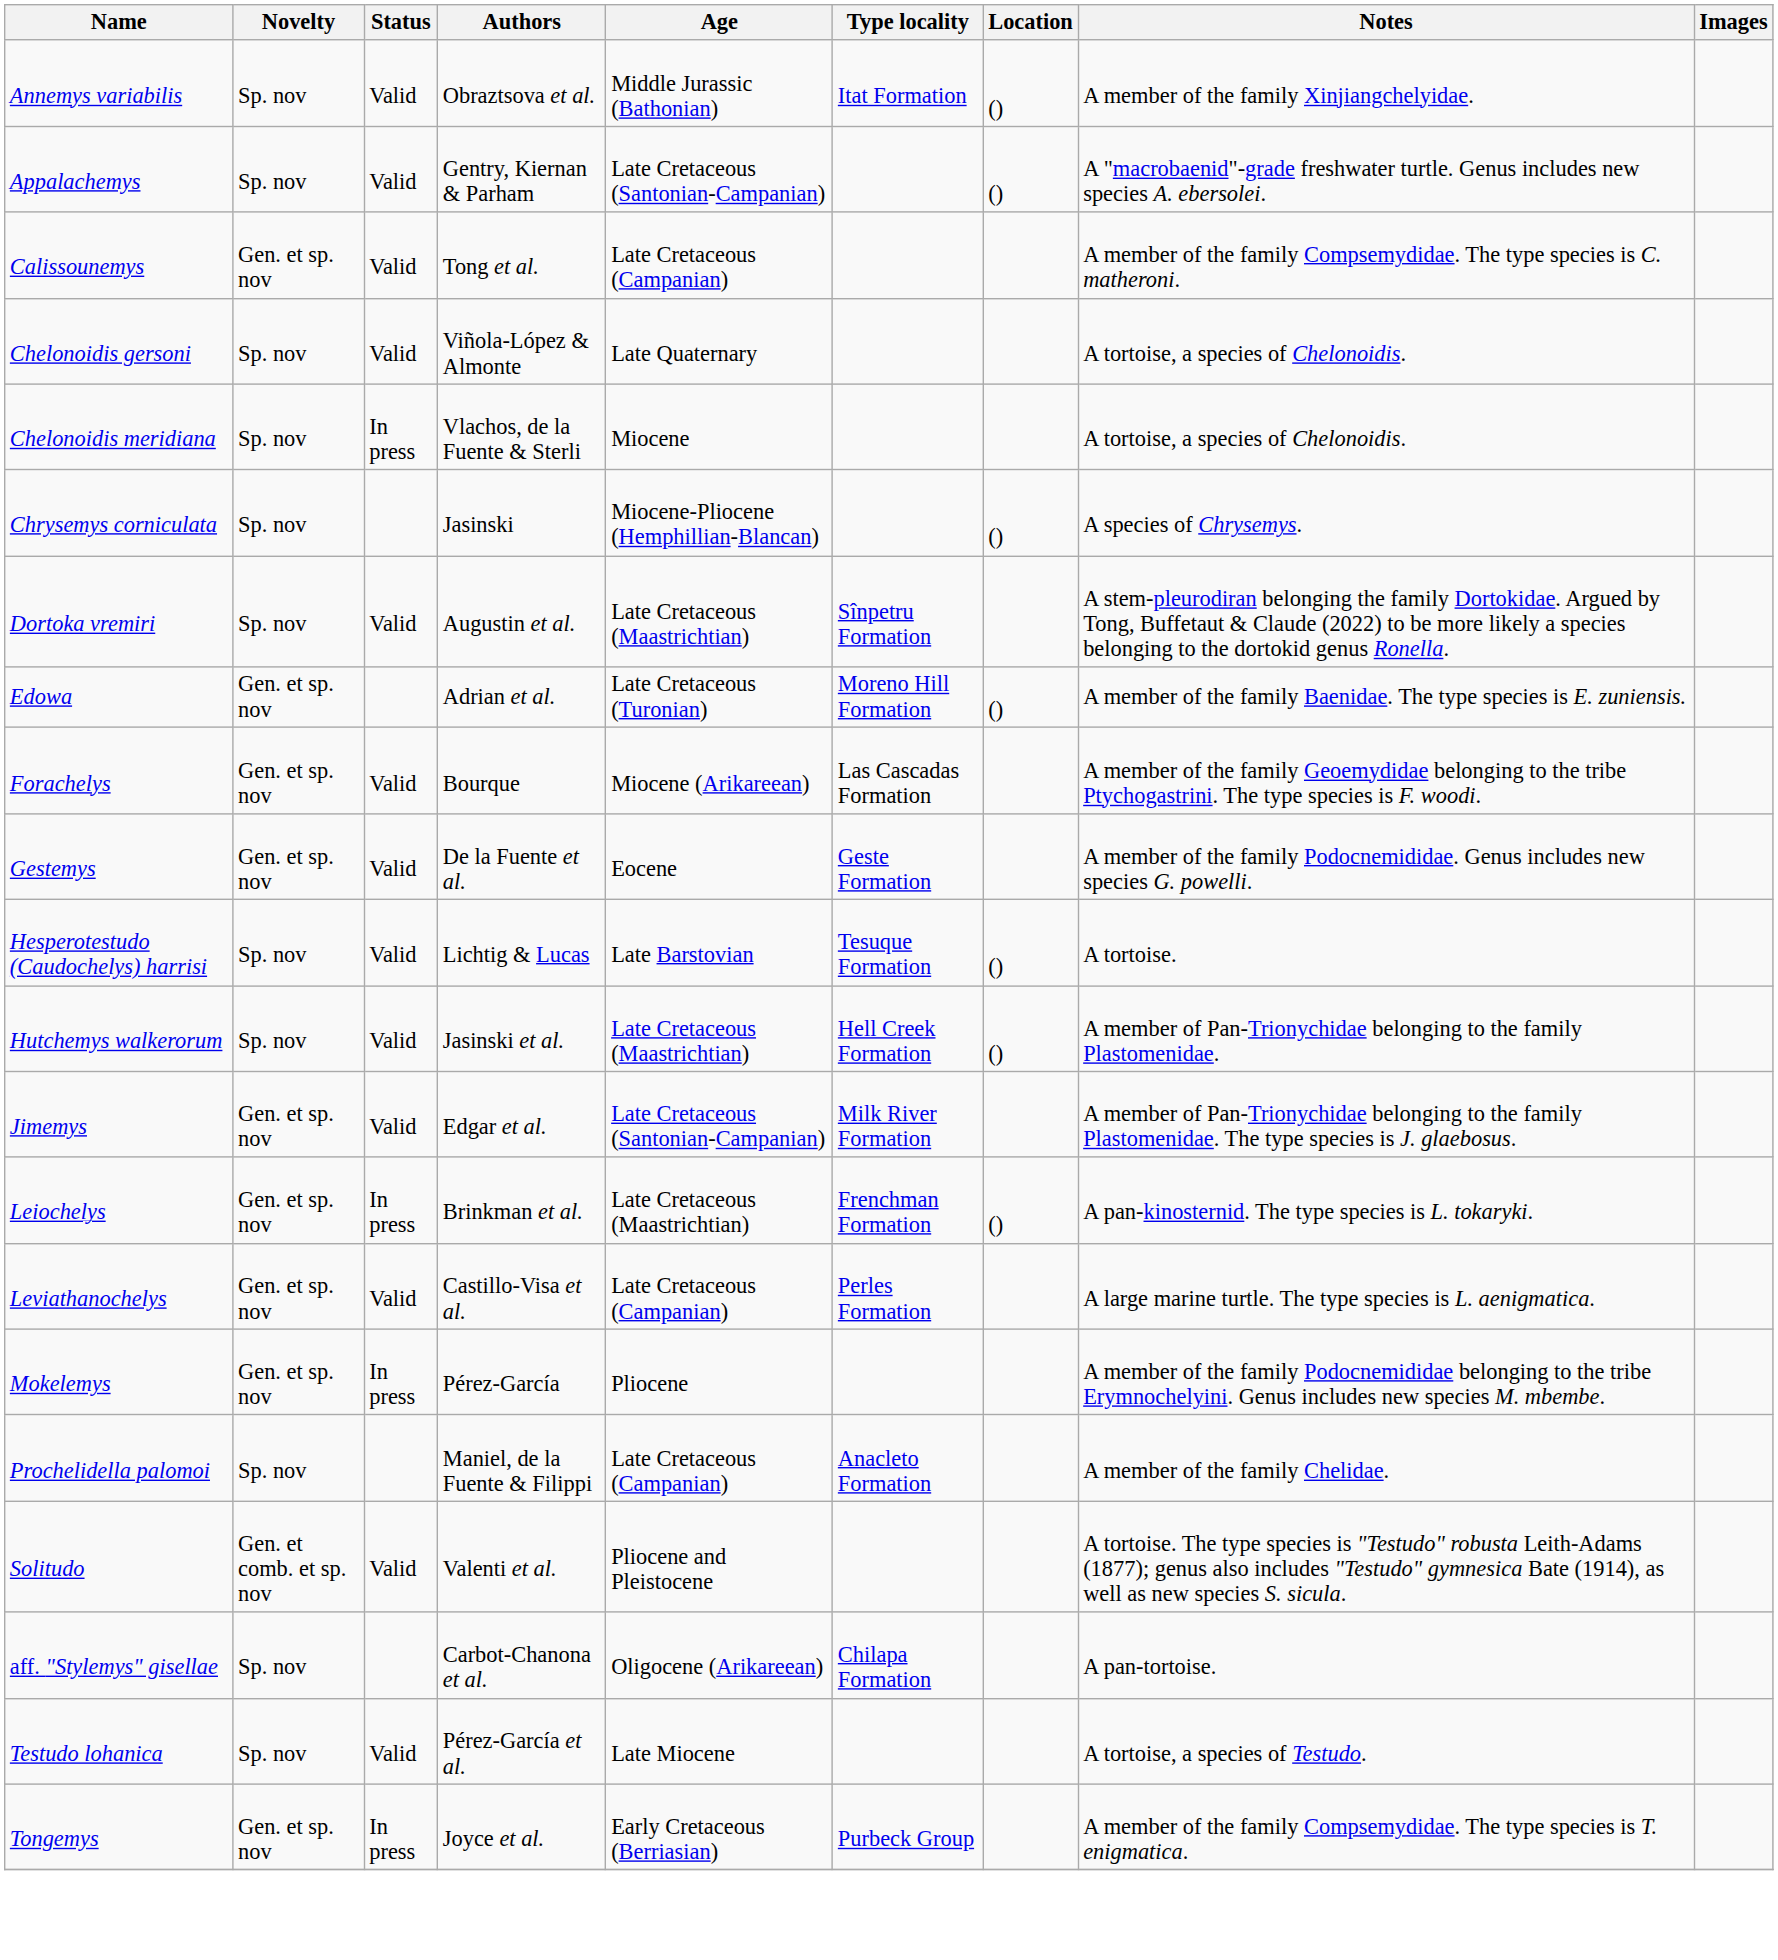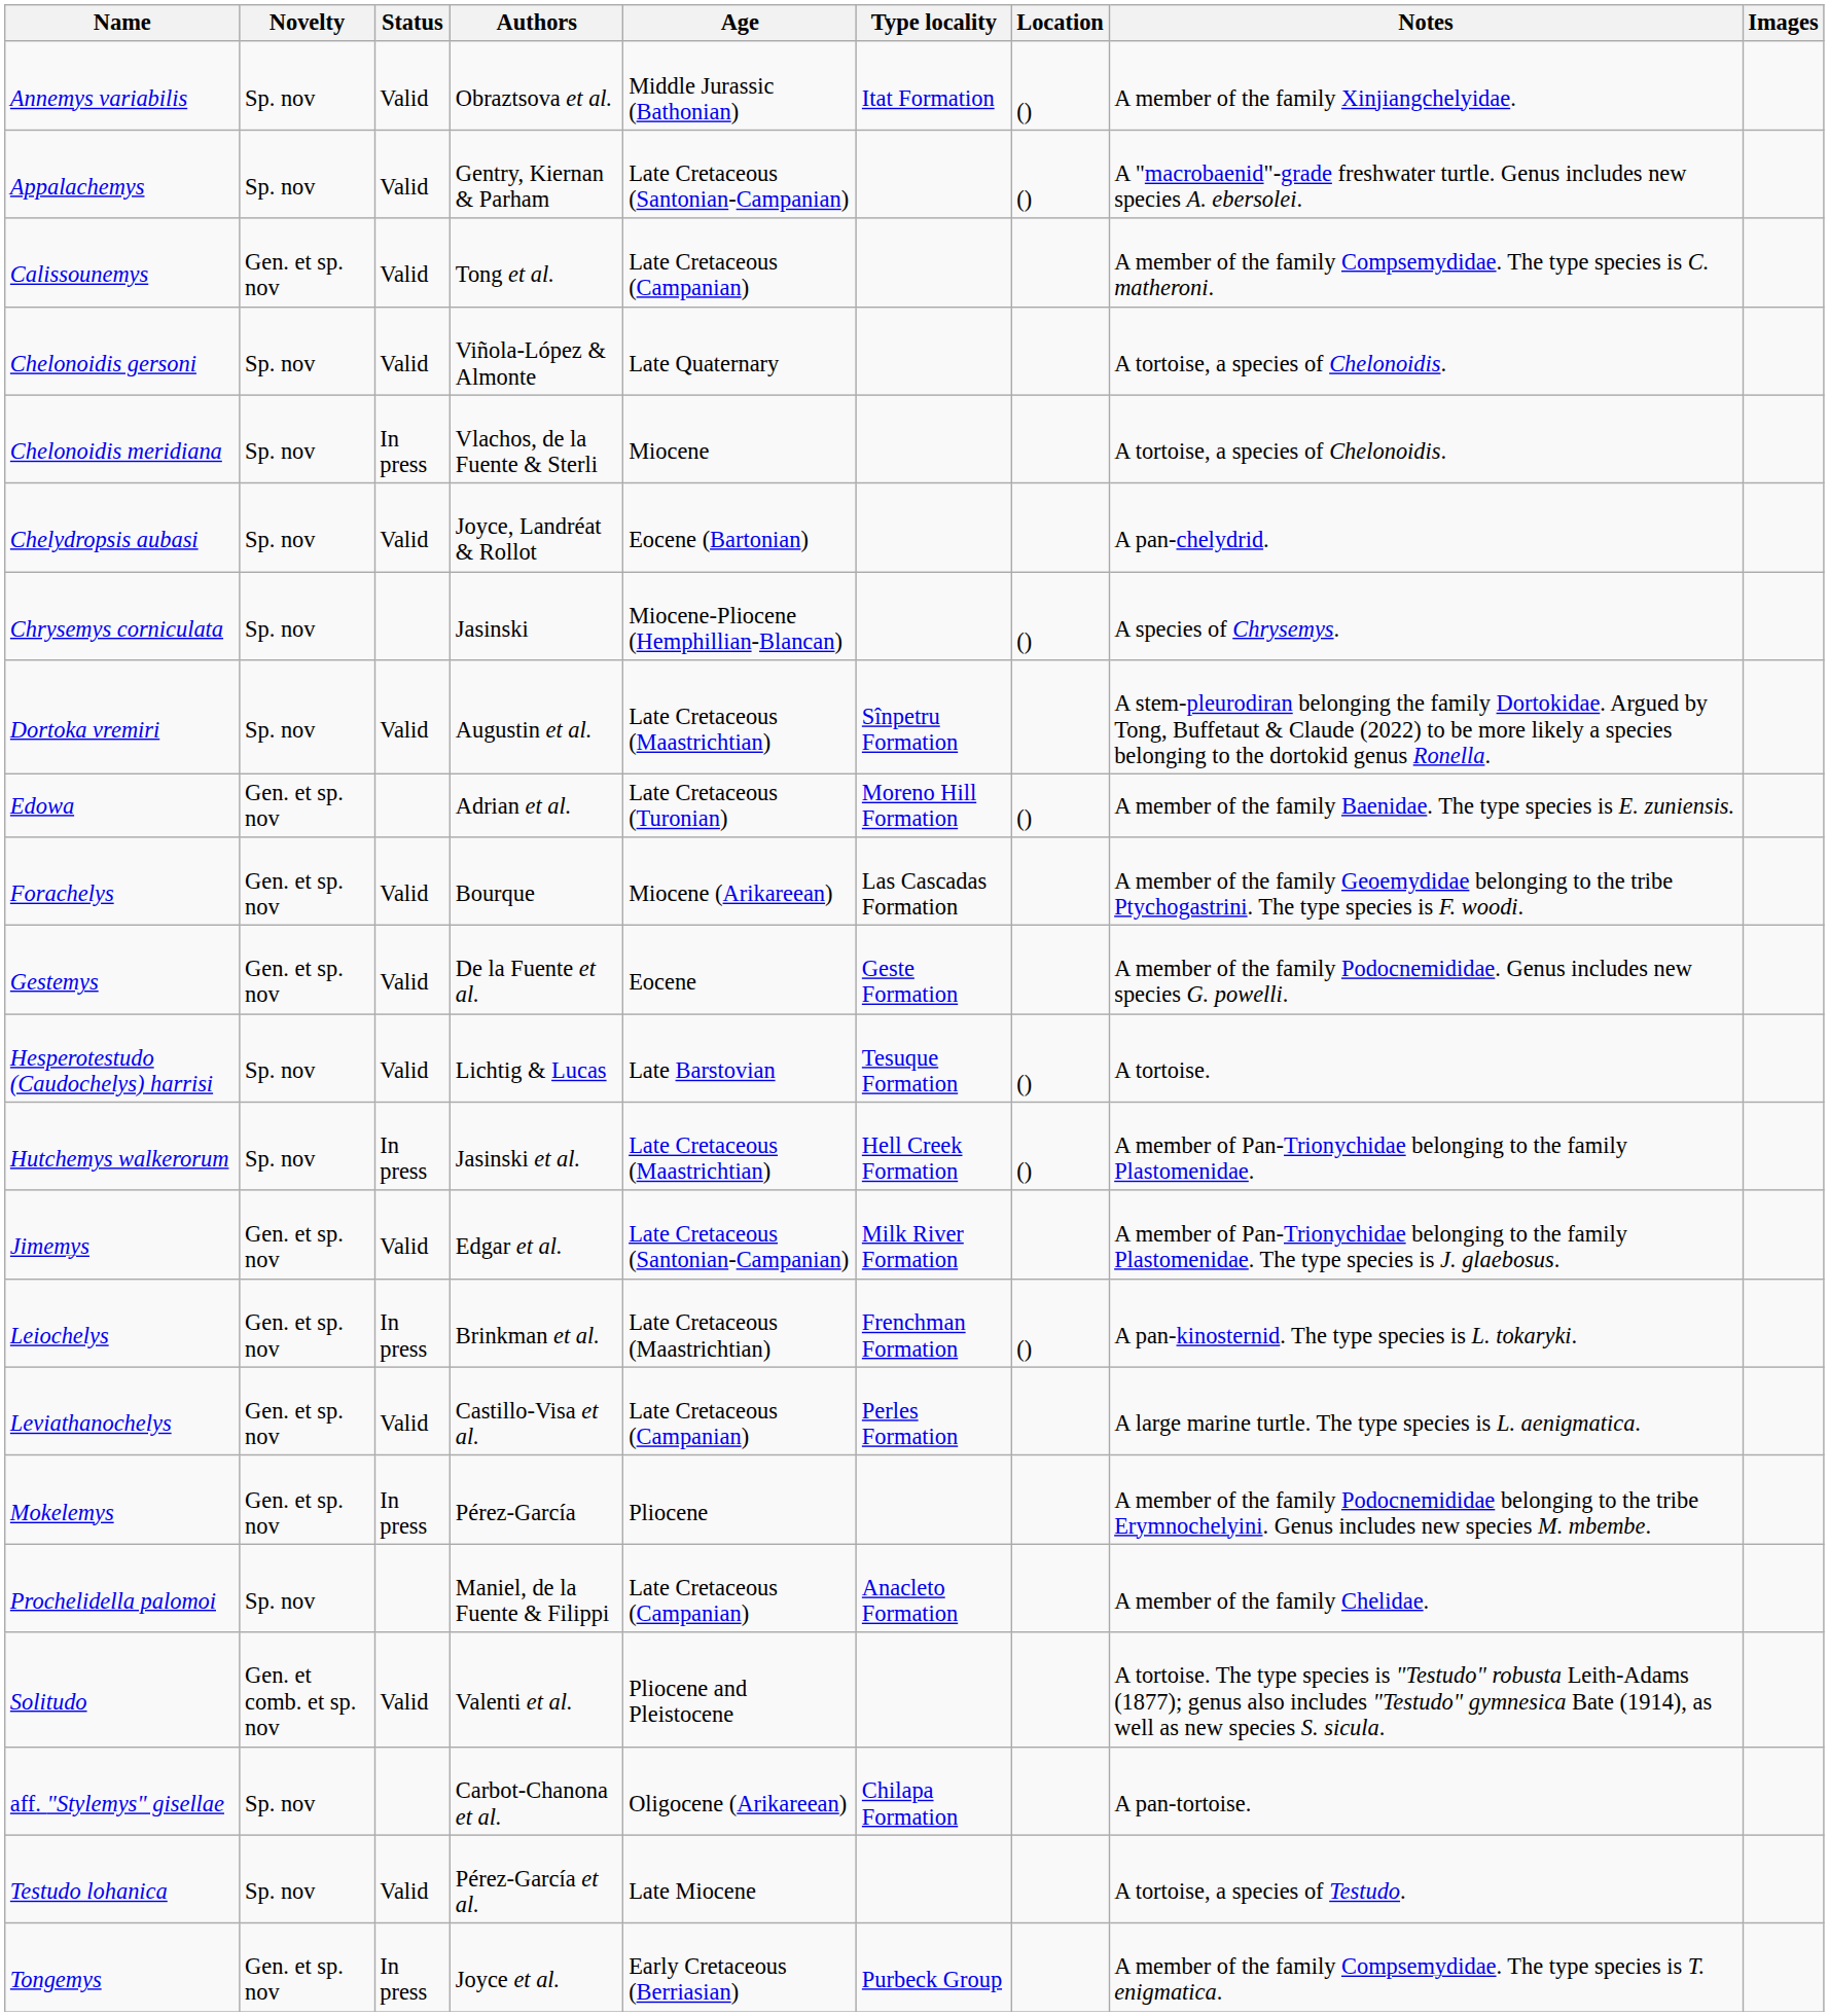 <table class="wikitable sortable" align="center" width="100%">
 <tr>
 <th>Name</th>
 <th>Novelty</th>
 <th>Status</th>
 <th>Authors</th>
 <th>Age</th>
 <th>Type locality</th>
 <th>Location</th>
 <th>Notes</th>
 <th>Images</th>
 </tr>
 <tr>
 <td><br><em><a href='#'>Annemys variabilis</a></em></td>
 <td><br>Sp. nov</td>
 <td><br>Valid</td>
 <td><br>Obraztsova <em>et al.</em></td>
 <td><br>Middle Jurassic (<a href='#'>Bathonian</a>)</td>
 <td><br><a href='#'>Itat Formation</a></td>
 <td><br><br>()</td>
 <td><br>A member of the family <a href='#'>Xinjiangchelyidae</a>.</td>
 <td></td>
 </tr>
 <tr>
 <td><br><em><a href='#'>Appalachemys</a></em></td>
 <td><br>Sp. nov</td>
 <td><br>Valid</td>
 <td><br>Gentry, Kiernan & Parham</td>
 <td><br>Late Cretaceous (<a href='#'>Santonian</a>-<a href='#'>Campanian</a>)</td>
 <td></td>
 <td><br><br>()</td>
 <td><br>A "<a href='#'>macrobaenid</a>"-<a href='#'>grade</a> freshwater turtle. Genus includes new species <em>A. ebersolei</em>.</td>
 <td></td>
 </tr>
 <tr>
 <td><br><em><a href='#'>Calissounemys</a></em></td>
 <td><br>Gen. et sp. nov</td>
 <td><br>Valid</td>
 <td><br>Tong <em>et al.</em></td>
 <td><br>Late Cretaceous (<a href='#'>Campanian</a>)</td>
 <td></td>
 <td><br></td>
 <td><br>A member of the family <a href='#'>Compsemydidae</a>. The type species is <em>C. matheroni</em>.</td>
 <td></td>
 </tr>
 <tr>
 <td><br><em><a href='#'>Chelonoidis gersoni</a></em></td>
 <td><br>Sp. nov</td>
 <td><br>Valid</td>
 <td><br>Viñola-López & Almonte</td>
 <td><br>Late Quaternary</td>
 <td></td>
 <td><br></td>
 <td><br>A tortoise, a species of <em><a href='#'>Chelonoidis</a></em>.</td>
 <td></td>
 </tr>
 <tr>
 <td><br><em><a href='#'>Chelonoidis meridiana</a></em></td>
 <td><br>Sp. nov</td>
 <td><br>In press</td>
 <td><br>Vlachos, de la Fuente & Sterli</td>
 <td><br>Miocene</td>
 <td></td>
 <td><br></td>
 <td><br>A tortoise, a species of <em>Chelonoidis</em>.</td>
+<td></td>
+</tr>
+<tr>
+<td><br><em><a href='#'>Chelydropsis aubasi</a></em></td>
+<td><br>Sp. nov</td>
+<td><br>Valid</td>
+<td><br>Joyce, Landréat & Rollot</td>
+<td><br>Eocene (<a href='#'>Bartonian</a>)</td>
+<td></td>
+<td><br></td>
+<td><br>A pan-<a href='#'>chelydrid</a>.</td>
 <td></td>
 </tr>
 <tr>
 <td><br><em><a href='#'>Chrysemys corniculata</a></em></td>
 <td><br>Sp. nov</td>
 <td></td>
 <td><br>Jasinski</td>
 <td><br>Miocene-Pliocene (<a href='#'>Hemphillian</a>-<a href='#'>Blancan</a>)</td>
 <td></td>
 <td><br><br>()</td>
 <td><br>A species of <em><a href='#'>Chrysemys</a></em>.</td>
 <td></td>
 </tr>
 <tr>
 <td><br><em><a href='#'>Dortoka vremiri</a></em></td>
 <td><br>Sp. nov</td>
 <td><br>Valid</td>
 <td><br>Augustin <em>et al.</em></td>
 <td><br>Late Cretaceous (<a href='#'>Maastrichtian</a>)</td>
 <td><br><a href='#'>Sînpetru Formation</a></td>
 <td><br></td>
 <td><br>A stem-<a href='#'>pleurodiran</a> belonging the family <a href='#'>Dortokidae</a>. Argued by Tong, Buffetaut & Claude (2022) to be more likely a species belonging to the dortokid genus <em><a href='#'>Ronella</a></em>.</td>
 <td></td>
 </tr>
 <tr>
 <td><em><a href='#'>Edowa</a></em></td>
 <td>Gen. et sp. nov</td>
 <td></td>
 <td>Adrian <em>et al.</em></td>
 <td>Late Cretaceous (<a href='#'>Turonian</a>)</td>
 <td><a href='#'>Moreno Hill Formation</a></td>
 <td><br>()</td>
 <td>A member of the family <a href='#'>Baenidae</a>. The type species is <em>E. zuniensis.</em></td>
 <td></td>
 </tr>
 <tr>
 <td><br><em><a href='#'>Forachelys</a></em></td>
 <td><br>Gen. et sp. nov</td>
 <td><br>Valid</td>
 <td><br>Bourque</td>
 <td><br>Miocene (<a href='#'>Arikareean</a>)</td>
 <td><br>Las Cascadas Formation</td>
 <td><br></td>
 <td><br>A member of the family <a href='#'>Geoemydidae</a> belonging to the tribe <a href='#'>Ptychogastrini</a>. The type species is <em>F. woodi</em>.</td>
 <td></td>
 </tr>
 <tr>
 <td><br><em><a href='#'>Gestemys</a></em></td>
 <td><br>Gen. et sp. nov</td>
 <td><br>Valid</td>
 <td><br>De la Fuente <em>et al.</em></td>
 <td><br>Eocene</td>
 <td><br><a href='#'>Geste Formation</a></td>
 <td><br></td>
 <td><br>A member of the family <a href='#'>Podocnemididae</a>. Genus includes new species <em>G. powelli</em>.</td>
 <td></td>
 </tr>
 <tr>
 <td><br><em><a href='#'>Hesperotestudo (Caudochelys) harrisi</a></em></td>
 <td><br>Sp. nov</td>
 <td><br>Valid</td>
 <td><br>Lichtig & <a href='#'>Lucas</a></td>
 <td><br>Late <a href='#'>Barstovian</a></td>
 <td><br><a href='#'>Tesuque Formation</a></td>
 <td><br><br>()</td>
 <td><br>A tortoise.</td>
 <td></td>
 </tr>
 <tr>
 <td><br><em><a href='#'>Hutchemys walkerorum</a></em></td>
 <td><br>Sp. nov</td>
-<td><br>Valid</td>
+<td><br>In press</td>
 <td><br>Jasinski <em>et al.</em></td>
 <td><br><a href='#'>Late Cretaceous</a> (<a href='#'>Maastrichtian</a>)</td>
 <td><br><a href='#'>Hell Creek Formation</a></td>
 <td><br><br>()</td>
 <td><br>A member of Pan-<a href='#'>Trionychidae</a> belonging to the family <a href='#'>Plastomenidae</a>.</td>
 <td></td>
 </tr>
 <tr>
 <td><br><em><a href='#'>Jimemys</a></em></td>
 <td><br>Gen. et sp. nov</td>
 <td><br>Valid</td>
 <td><br>Edgar <em>et al.</em></td>
 <td><br><a href='#'>Late Cretaceous</a> (<a href='#'>Santonian</a>-<a href='#'>Campanian</a>)</td>
 <td><br><a href='#'>Milk River Formation</a></td>
 <td><br></td>
 <td><br>A member of Pan-<a href='#'>Trionychidae</a> belonging to the family <a href='#'>Plastomenidae</a>. The type species is <em>J. glaebosus</em>.</td>
 <td></td>
 </tr>
 <tr>
 <td><br><em><a href='#'>Leiochelys</a></em></td>
 <td><br>Gen. et sp. nov</td>
 <td><br>In press</td>
 <td><br>Brinkman <em>et al.</em></td>
 <td><br>Late Cretaceous (Maastrichtian)</td>
 <td><br><a href='#'>Frenchman Formation</a></td>
 <td><br><br>()</td>
 <td><br>A pan-<a href='#'>kinosternid</a>. The type species is <em>L. tokaryki</em>.</td>
 <td></td>
 </tr>
 <tr>
 <td><br><em><a href='#'>Leviathanochelys</a></em></td>
 <td><br>Gen. et sp. nov</td>
 <td><br>Valid</td>
 <td><br>Castillo-Visa <em>et al.</em></td>
 <td><br>Late Cretaceous (<a href='#'>Campanian</a>)</td>
 <td><br><a href='#'>Perles Formation</a></td>
 <td><br></td>
 <td><br>A large marine turtle. The type species is <em>L. aenigmatica</em>.</td>
 <td><br></td>
 </tr>
 <tr>
 <td><br><em><a href='#'>Mokelemys</a></em></td>
 <td><br>Gen. et sp. nov</td>
 <td><br>In press</td>
 <td><br>Pérez-García</td>
 <td><br>Pliocene</td>
 <td></td>
 <td><br></td>
 <td><br>A member of the family <a href='#'>Podocnemididae</a> belonging to the tribe <a href='#'>Erymnochelyini</a>. Genus includes new species <em>M. mbembe</em>.</td>
 <td></td>
 </tr>
 <tr>
 <td><br><em><a href='#'>Prochelidella palomoi</a></em></td>
 <td><br>Sp. nov</td>
 <td></td>
 <td><br>Maniel, de la Fuente & Filippi</td>
 <td><br>Late Cretaceous (<a href='#'>Campanian</a>)</td>
 <td><br><a href='#'>Anacleto Formation</a></td>
 <td><br></td>
 <td><br>A member of the family <a href='#'>Chelidae</a>.</td>
 <td></td>
 </tr>
 <tr>
 <td><br><em><a href='#'>Solitudo</a></em></td>
 <td><br>Gen. et comb. et sp. nov</td>
 <td><br>Valid</td>
 <td><br>Valenti <em>et al.</em></td>
 <td><br>Pliocene and Pleistocene</td>
 <td></td>
 <td><br><br> <br> </td>
 <td><br>A tortoise. The type species is <em>"Testudo" robusta</em> Leith-Adams (1877); genus also includes <em>"Testudo" gymnesica</em> Bate (1914), as well as new species <em>S. sicula</em>.</td>
 <td></td>
 </tr>
 <tr>
 <td><br><a href='#'>aff. <em>"Stylemys" gisellae</em></a></td>
 <td><br>Sp. nov</td>
 <td></td>
 <td><br>Carbot-Chanona <em>et al.</em></td>
 <td><br>Oligocene (<a href='#'>Arikareean</a>)</td>
 <td><br><a href='#'>Chilapa Formation</a></td>
 <td><br></td>
 <td><br>A pan-tortoise.</td>
 <td></td>
 </tr>
 <tr>
 <td><br><em><a href='#'>Testudo lohanica</a></em></td>
 <td><br>Sp. nov</td>
 <td><br>Valid</td>
 <td><br>Pérez-García <em>et al.</em></td>
 <td><br>Late Miocene</td>
 <td></td>
 <td><br></td>
 <td><br>A tortoise, a species of <em><a href='#'>Testudo</a></em>.</td>
 <td></td>
 </tr>
 <tr>
 <td><br><em><a href='#'>Tongemys</a></em></td>
 <td><br>Gen. et sp. nov</td>
 <td><br>In press</td>
 <td><br>Joyce <em>et al.</em></td>
 <td><br>Early Cretaceous (<a href='#'>Berriasian</a>)</td>
 <td><br><a href='#'>Purbeck Group</a></td>
 <td><br></td>
 <td><br>A member of the family <a href='#'>Compsemydidae</a>. The type species is <em>T. enigmatica</em>.</td>
 <td></td>
 </tr>
 <tr>
 </tr>
 </table>
